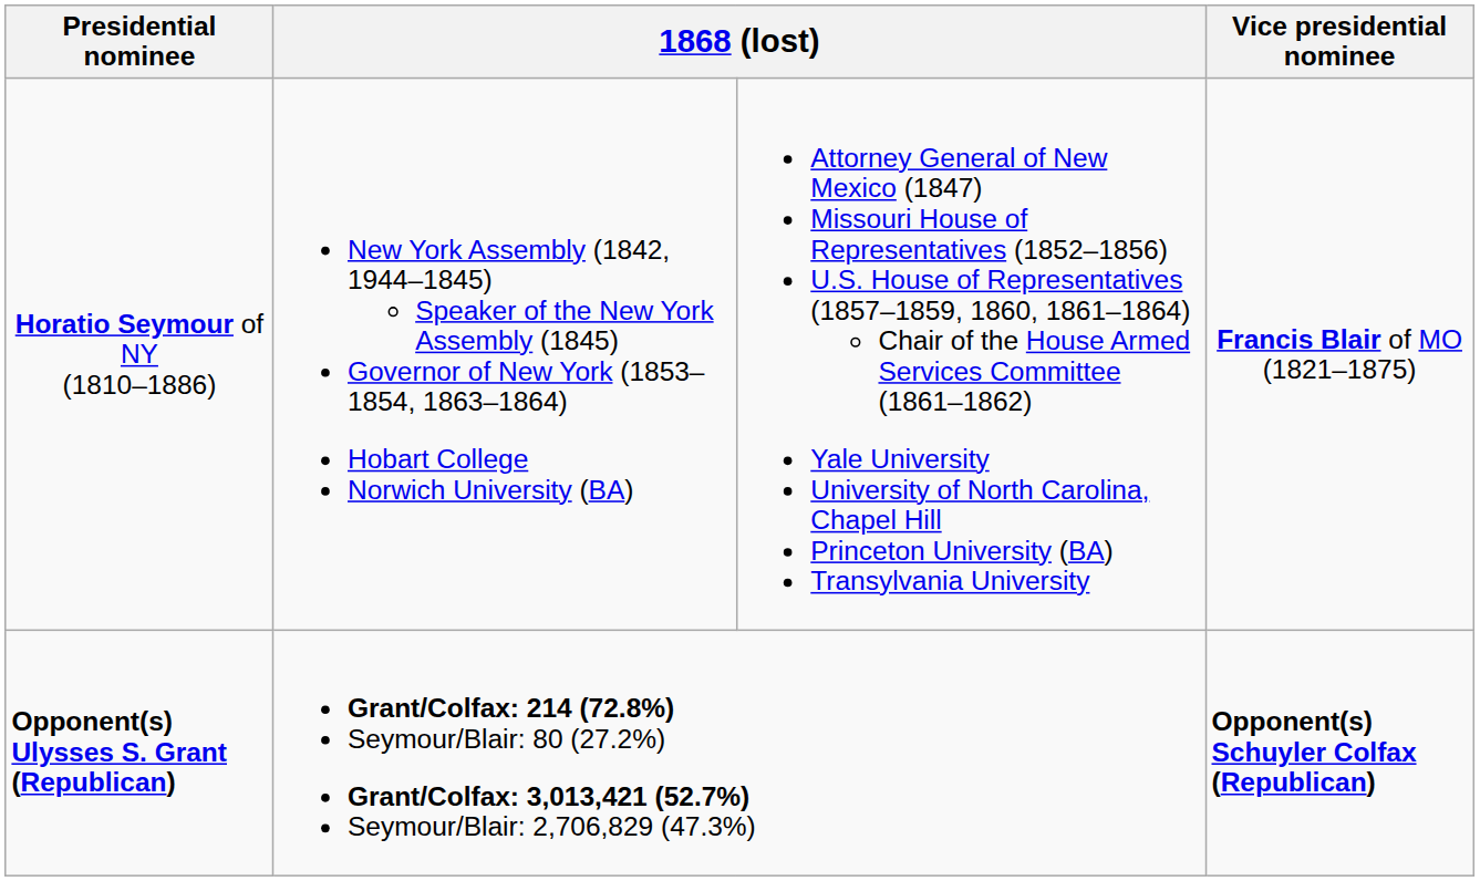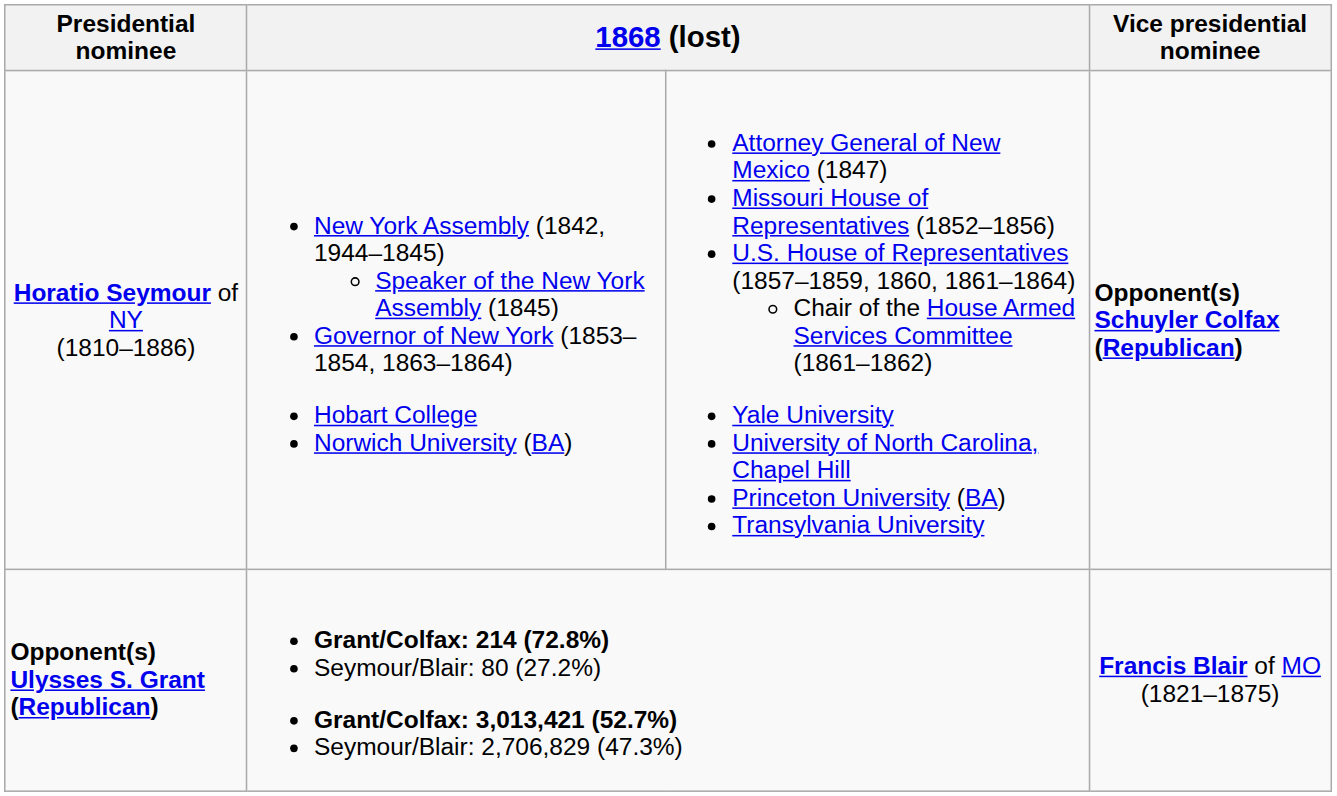 <table class="wikitable">
 <tr>
 <th width=190>Presidential<br>nominee</th>
 <th colspan=2><big><a href='#'>1868</a> (lost)</big></th>
 <th width=190>Vice presidential<br>nominee</th>
 </tr>
 <tr>
 <td style="text-align:center;"><strong><a href='#'>Horatio Seymour</a></strong> of <a href='#'>NY</a><br>(1810–1886)<br></td>
 <td width=350><br><ul><li><a href='#'>New York Assembly</a> (1842, 1944–1845)<ul><li><a href='#'>Speaker of the New York Assembly</a> (1845)</li></ul></li><li><a href='#'>Governor of New York</a> (1853–1854, 1863–1864)</li></ul><ul><li><a href='#'>Hobart College</a></li><li><a href='#'>Norwich University</a> (<a href='#'>BA</a>)</li></ul></td>
 <td width=350><br><ul><li><a href='#'>Attorney General of New Mexico</a> (1847)</li><li><a href='#'>Missouri House of Representatives</a> (1852–1856)</li><li><a href='#'>U.S. House of Representatives</a> (1857–1859, 1860, 1861–1864)<ul><li>Chair of the <a href='#'>House Armed Services Committee</a> (1861–1862)</li></ul></li></ul><ul><li><a href='#'>Yale University</a></li><li><a href='#'>University of North Carolina, Chapel Hill</a></li><li><a href='#'>Princeton University</a> (<a href='#'>BA</a>)</li><li><a href='#'>Transylvania University</a></li></ul></td>
-<td style="text-align:center;"><strong><a href='#'>Francis Blair</a></strong> of <a href='#'>MO</a><br>(1821–1875)<br></td>
+<td><strong>Opponent(s)</strong><br><strong><a href='#'>Schuyler Colfax</a> (<a href='#'>Republican</a>)</strong></td>
 </tr>
 <tr>
 <td><strong>Opponent(s)</strong><br><strong><a href='#'>Ulysses S. Grant</a> (<a href='#'>Republican</a>)</strong></td>
 <td colspan=2><br><ul><li><strong>Grant/Colfax: 214 (72.8%)</strong></li><li>Seymour/Blair: 80 (27.2%)</li></ul><ul><li><strong>Grant/Colfax: 3,013,421 (52.7%)</strong></li><li>Seymour/Blair: 2,706,829 (47.3%)</li></ul></td>
-<td><strong>Opponent(s)</strong><br><strong><a href='#'>Schuyler Colfax</a> (<a href='#'>Republican</a>)</strong></td>
+<td style="text-align:center;"><strong><a href='#'>Francis Blair</a></strong> of <a href='#'>MO</a><br>(1821–1875)<br></td>
 </tr>
 </table>
